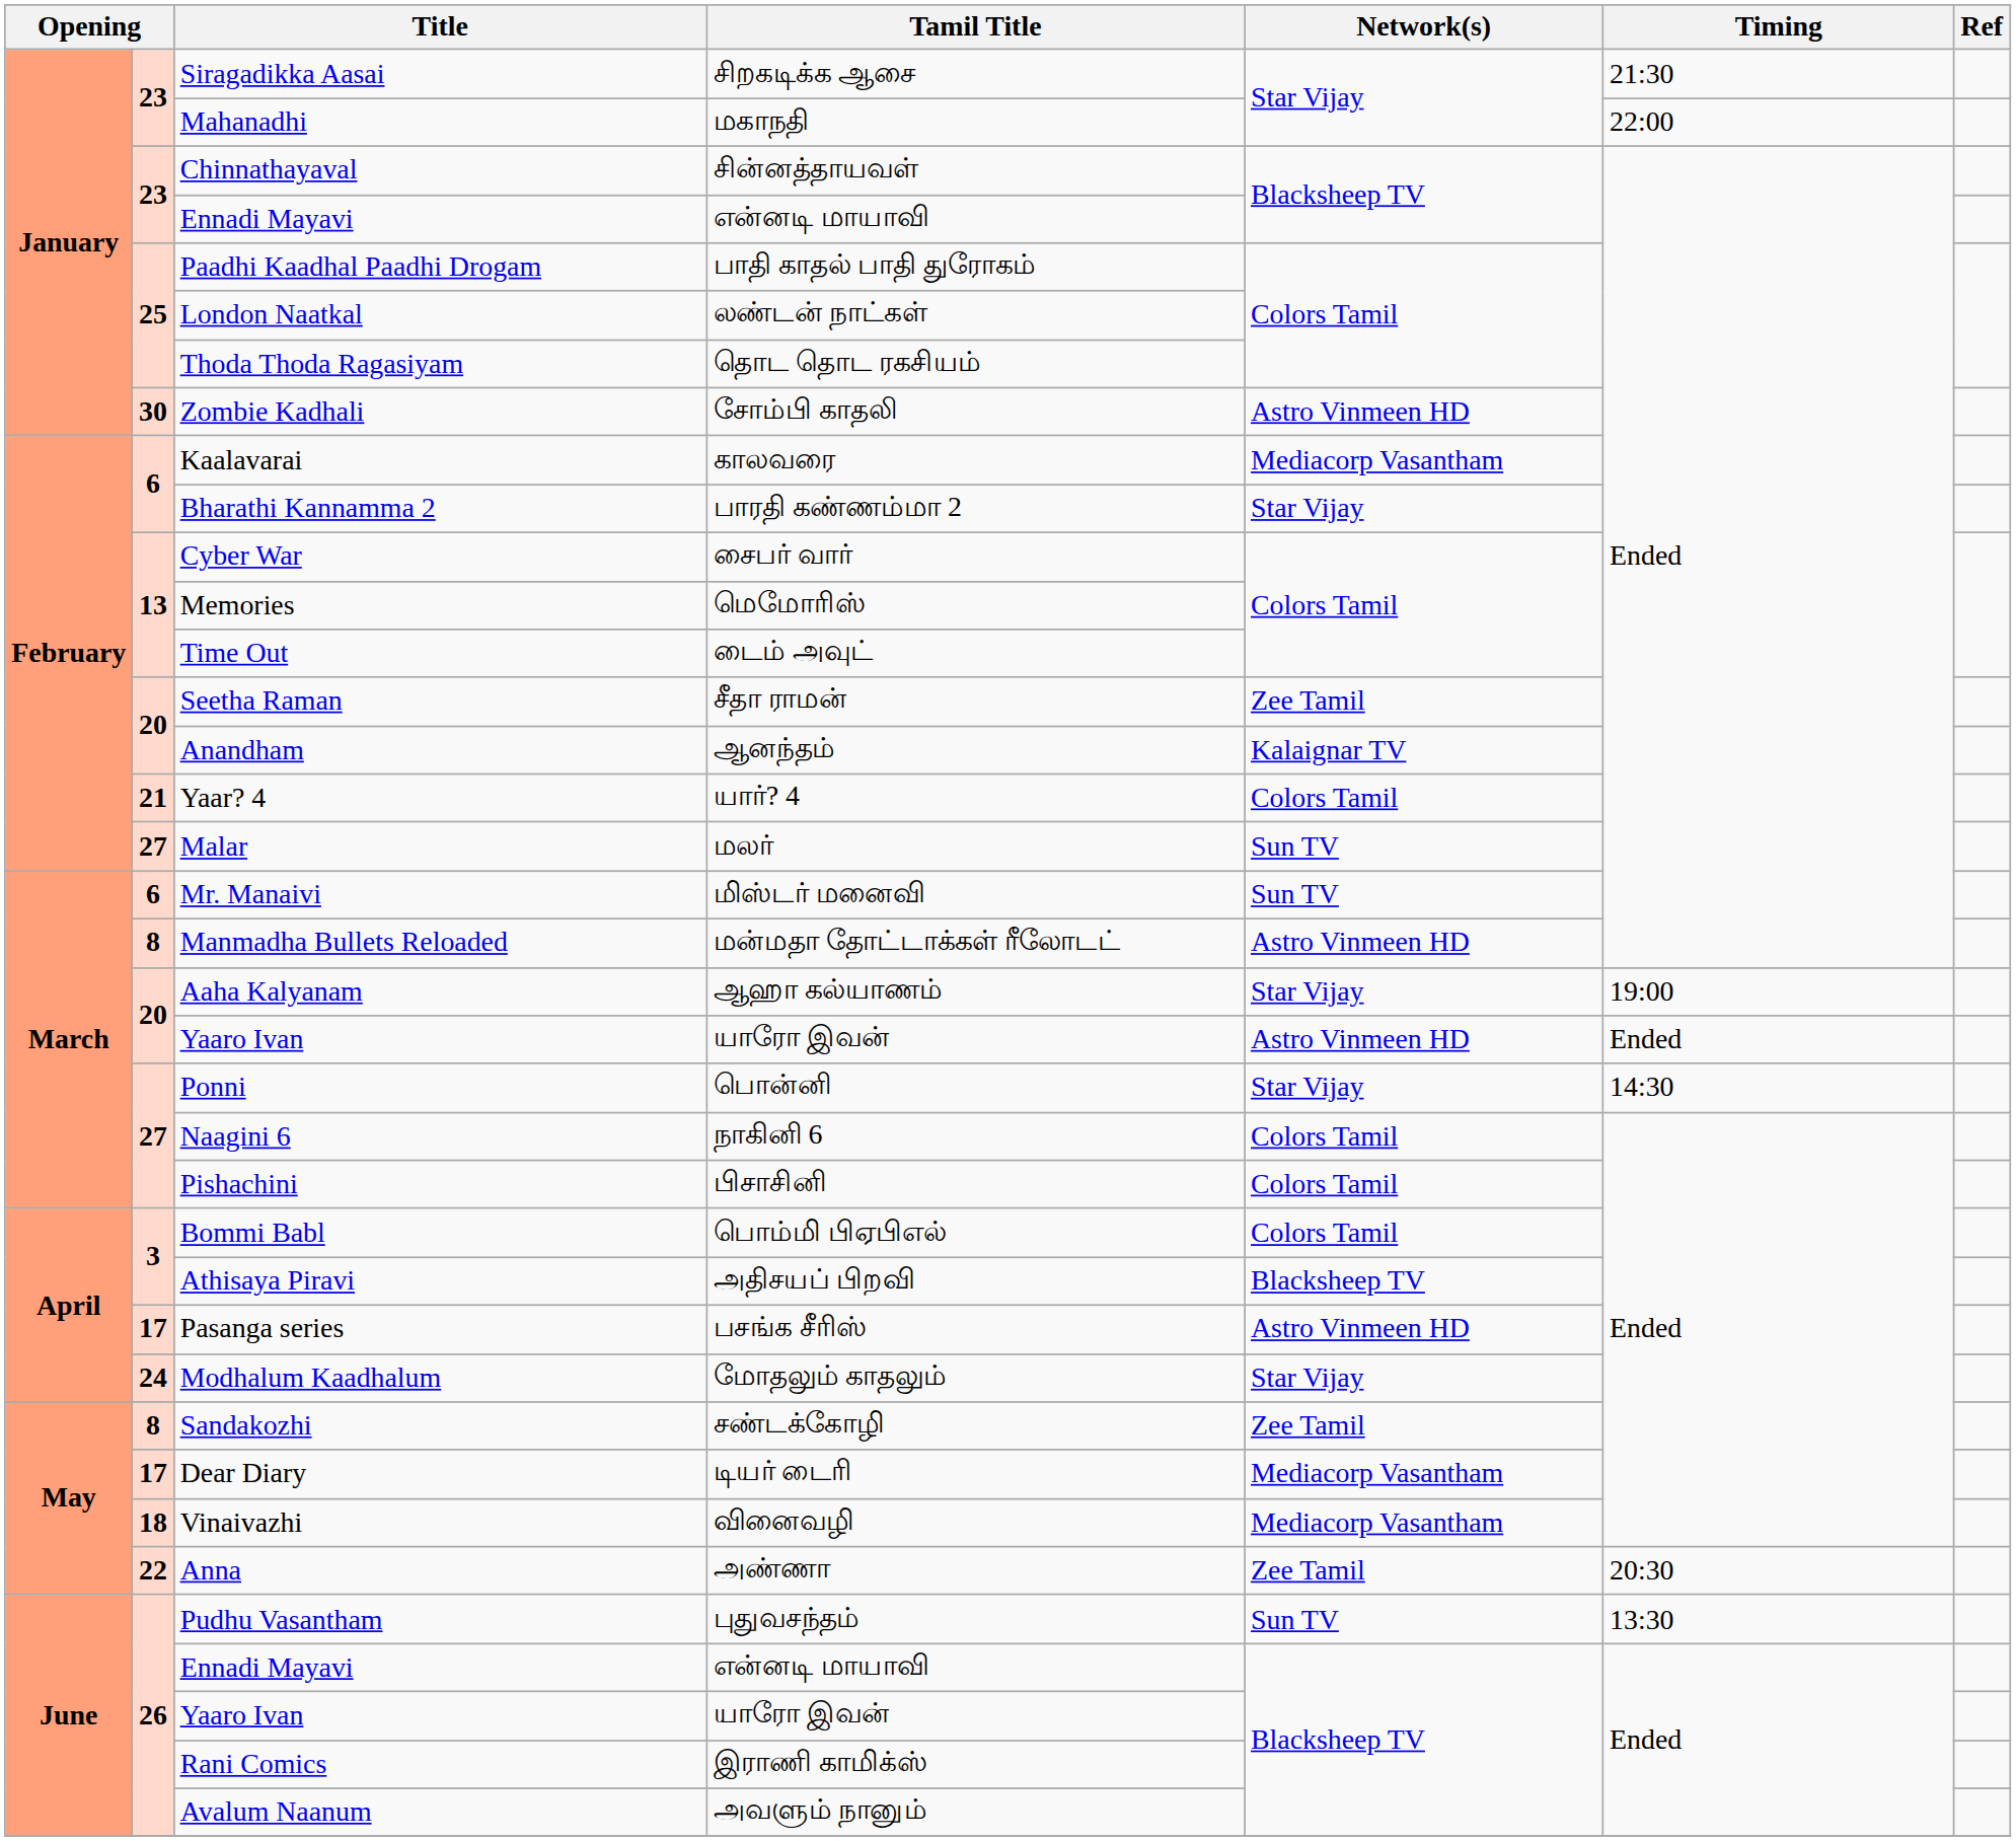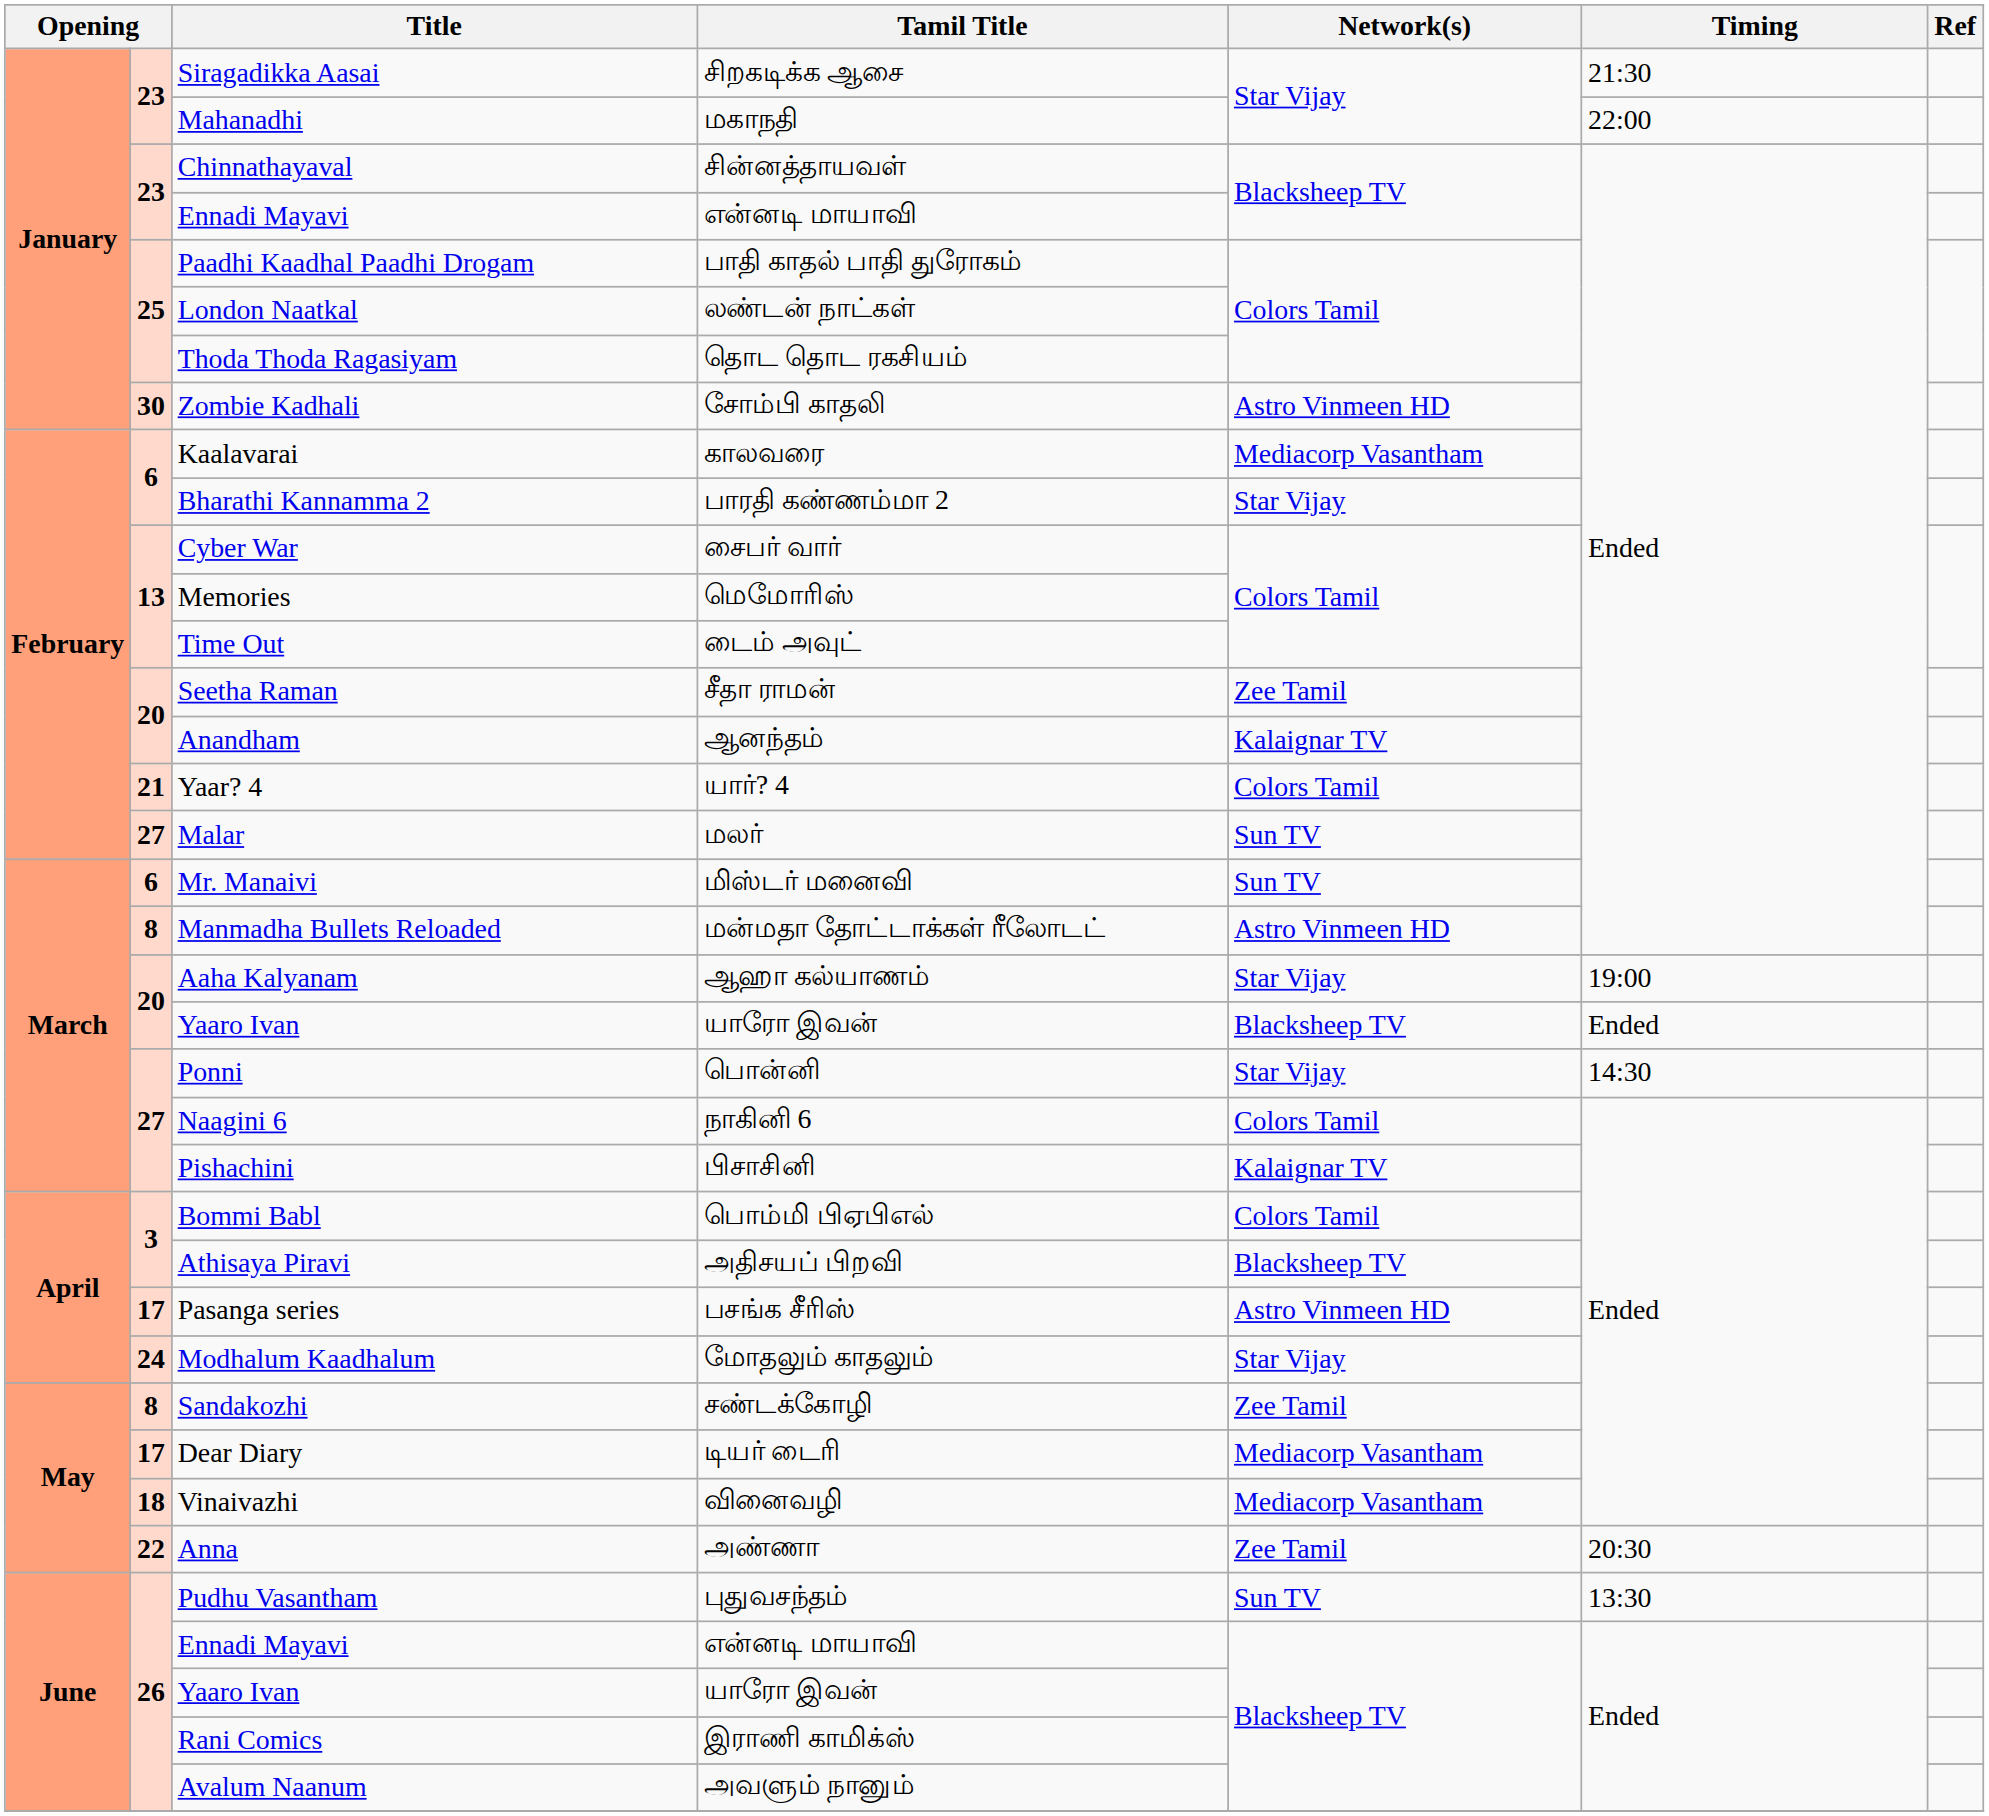 <table class="wikitable" width="90%">
 <tr>
 <th colspan="2">Opening</th>
 <th style="width:30%;">Title</th>
 <th style="width:30%;">Tamil Title</th>
 <th style="width:20%;">Network(s)</th>
 <th style="width:20%;">Timing</th>
 <th style="width:20%;">Ref</th>
 </tr>
 <tr>
 <td rowspan="8" style="text-align:center;background:#ffa07a;textcolor:#000;"><strong>January</strong></td>
 <td rowspan="2" style="text-align:center; background:#ffdacc;"><strong>23</strong></td>
 <td><a href='#'>Siragadikka Aasai</a></td>
 <td>சிறகடிக்க ஆசை</td>
 <td rowspan="2"><a href='#'>Star Vijay</a></td>
 <td>21:30</td>
 <td></td>
 </tr>
 <tr>
 <td><a href='#'>Mahanadhi</a></td>
 <td>மகாநதி</td>
 <td>22:00</td>
 <td></td>
 </tr>
 <tr>
 <td rowspan="2" style="text-align:center; background:#ffdacc;"><strong>23</strong></td>
 <td><a href='#'>Chinnathayaval</a></td>
 <td>சின்னத்தாயவள்</td>
 <td rowspan="2"><a href='#'>Blacksheep TV</a></td>
 <td rowspan="17">Ended</td>
 </tr>
 <tr>
 <td><a href='#'>Ennadi Mayavi</a></td>
 <td>என்னடி மாயாவி</td>
 <td></td>
 </tr>
 <tr>
 <td rowspan="3" style="text-align:center; background:#ffdacc;"><strong>25</strong></td>
 <td><a href='#'>Paadhi Kaadhal Paadhi Drogam</a></td>
 <td>பாதி காதல் பாதி துரோகம்</td>
 <td rowspan="3"><a href='#'>Colors Tamil</a></td>
 <td rowspan="3"></td>
 </tr>
 <tr>
 <td><a href='#'>London Naatkal</a></td>
 <td>லண்டன் நாட்கள்</td>
 </tr>
 <tr>
 <td><a href='#'>Thoda Thoda Ragasiyam</a></td>
 <td>தொட தொட ரகசியம்</td>
 </tr>
 <tr>
 <td style="text-align:center; background:#ffdacc;"><strong>30</strong></td>
 <td><a href='#'>Zombie Kadhali</a></td>
 <td>சோம்பி காதலி</td>
 <td><a href='#'>Astro Vinmeen HD</a></td>
 <td></td>
 </tr>
 <tr>
 <td rowspan="9" style="text-align:center;background:#ffa07a;textcolor:#000;"><strong>February</strong></td>
 <td rowspan="2"  style="text-align:center; background:#ffdacc;"><strong>6</strong></td>
 <td>Kaalavarai</td>
 <td>காலவரை</td>
 <td><a href='#'>Mediacorp Vasantham</a></td>
 <td></td>
 </tr>
 <tr>
 <td><a href='#'>Bharathi Kannamma 2</a></td>
 <td>பாரதி கண்ணம்மா 2</td>
 <td><a href='#'>Star Vijay</a></td>
 <td></td>
 </tr>
 <tr>
 <td rowspan="3"  style="text-align:center; background:#ffdacc;"><strong>13</strong></td>
 <td><a href='#'>Cyber War</a></td>
 <td>சைபர் வார்</td>
 <td rowspan="3"><a href='#'>Colors Tamil</a></td>
 <td rowspan="3"></td>
 </tr>
 <tr>
 <td>Memories</td>
 <td>மெமோரிஸ்</td>
 </tr>
 <tr>
 <td><a href='#'>Time Out</a></td>
 <td>டைம் அவுட்</td>
 </tr>
 <tr>
 <td rowspan="2"  style="text-align:center; background:#ffdacc;"><strong>20</strong></td>
 <td><a href='#'>Seetha Raman</a></td>
 <td>சீதா ராமன்</td>
 <td><a href='#'>Zee Tamil</a></td>
 <td></td>
 </tr>
 <tr>
 <td><a href='#'>Anandham</a></td>
 <td>ஆனந்தம்</td>
 <td><a href='#'>Kalaignar TV</a></td>
 <td></td>
 </tr>
 <tr>
 <td rowspan="1"  style="text-align:center; background:#ffdacc;"><strong>21</strong></td>
 <td>Yaar? 4</td>
 <td>யார்? 4</td>
 <td><a href='#'>Colors Tamil</a></td>
 <td></td>
 </tr>
 <tr>
 <td rowspan="1"  style="text-align:center; background:#ffdacc;"><strong>27</strong></td>
 <td><a href='#'>Malar</a></td>
 <td>மலர்</td>
 <td><a href='#'>Sun TV</a></td>
 <td></td>
 </tr>
 <tr>
 <td rowspan="7" style="text-align:center;background:#ffa07a;textcolor:#000;"><strong>March</strong></td>
 <td rowspan="1"  style="text-align:center; background:#ffdacc;"><strong>6</strong></td>
 <td><a href='#'>Mr. Manaivi</a></td>
 <td>மிஸ்டர் மனைவி</td>
 <td><a href='#'>Sun TV</a></td>
 <td></td>
 </tr>
 <tr>
 <td rowspan="1"  style="text-align:center; background:#ffdacc;"><strong>8</strong></td>
 <td><a href='#'>Manmadha Bullets Reloaded</a></td>
 <td>மன்மதா தோட்டாக்கள் ரீலோடட்</td>
 <td><a href='#'>Astro Vinmeen HD</a></td>
 <td></td>
 </tr>
 <tr>
 <td rowspan="2"  style="text-align:center; background:#ffdacc;"><strong>20</strong></td>
 <td><a href='#'>Aaha Kalyanam</a></td>
 <td>ஆஹா கல்யாணம்</td>
 <td><a href='#'>Star Vijay</a></td>
 <td>19:00</td>
 <td></td>
 </tr>
 <tr>
 <td><a href='#'>Yaaro Ivan</a></td>
 <td>யாரோ இவன்</td>
-<td><a href='#'>Astro Vinmeen HD</a></td>
+<td><a href='#'>Blacksheep TV</a></td>
 <td>Ended</td>
 <td></td>
 </tr>
 <tr>
 <td rowspan="3"  style="text-align:center; background:#ffdacc;"><strong>27</strong></td>
 <td><a href='#'>Ponni</a></td>
 <td>பொன்னி</td>
 <td><a href='#'>Star Vijay</a></td>
 <td>14:30</td>
 <td></td>
 </tr>
 <tr>
 <td><a href='#'>Naagini 6</a></td>
 <td>நாகினி 6</td>
 <td><a href='#'>Colors Tamil</a></td>
 <td rowspan="9">Ended</td>
 <td></td>
 </tr>
 <tr>
 <td><a href='#'>Pishachini</a></td>
 <td>பிசாசினி</td>
-<td><a href='#'>Colors Tamil</a></td>
+<td><a href='#'>Kalaignar TV</a></td>
 <td></td>
 </tr>
 <tr>
 <td rowspan="4" style="text-align:center;background:#ffa07a;textcolor:#000;"><strong>April</strong></td>
 <td rowspan="2"  style="text-align:center; background:#ffdacc;"><strong>3</strong></td>
 <td><a href='#'>Bommi Babl</a></td>
 <td>பொம்மி பிஏபிஎல்</td>
 <td><a href='#'>Colors Tamil</a></td>
 <td></td>
 </tr>
 <tr>
 <td><a href='#'>Athisaya Piravi</a></td>
 <td>அதிசயப் பிறவி</td>
 <td><a href='#'>Blacksheep TV</a></td>
 <td></td>
 </tr>
 <tr>
 <td style="text-align:center; background:#ffdacc;"><strong>17</strong></td>
 <td>Pasanga series</td>
 <td>பசங்க சீரிஸ்</td>
 <td><a href='#'>Astro Vinmeen HD</a></td>
 <td></td>
 </tr>
 <tr>
 <td rowspan="1"  style="text-align:center; background:#ffdacc;"><strong>24</strong></td>
 <td><a href='#'>Modhalum Kaadhalum</a></td>
 <td>மோதலும் காதலும்</td>
 <td><a href='#'>Star Vijay</a></td>
 <td></td>
 </tr>
 <tr>
 <td rowspan="4" style="text-align:center;background:#ffa07a;textcolor:#000;"><strong>May</strong></td>
 <td style="text-align:center; background:#ffdacc;"><strong>8</strong></td>
 <td><a href='#'>Sandakozhi</a></td>
 <td>சண்டக்கோழி</td>
 <td><a href='#'>Zee Tamil</a></td>
 <td></td>
 </tr>
 <tr>
 <td style="text-align:center; background:#ffdacc;"><strong>17</strong></td>
 <td>Dear Diary</td>
 <td>டியர் டைரி</td>
 <td><a href='#'>Mediacorp Vasantham</a></td>
 <td></td>
 </tr>
 <tr>
 <td style="text-align:center; background:#ffdacc;"><strong>18</strong></td>
 <td>Vinaivazhi</td>
 <td>வினைவழி</td>
 <td><a href='#'>Mediacorp Vasantham</a></td>
 <td></td>
 </tr>
 <tr>
 <td style="text-align:center; background:#ffdacc;"><strong>22</strong></td>
 <td><a href='#'>Anna</a></td>
 <td>அண்ணா</td>
 <td><a href='#'>Zee Tamil</a></td>
 <td>20:30</td>
 <td></td>
 </tr>
 <tr>
 <td rowspan="5" style="text-align:center;background:#ffa07a;textcolor:#000;"><strong>June</strong></td>
 <td rowspan="5" style="text-align:center; background:#ffdacc;"><strong>26</strong></td>
 <td><a href='#'>Pudhu Vasantham</a></td>
 <td>புதுவசந்தம்</td>
 <td><a href='#'>Sun TV</a></td>
 <td>13:30</td>
 <td></td>
 </tr>
 <tr>
 <td><a href='#'>Ennadi Mayavi</a></td>
 <td>என்னடி மாயாவி</td>
 <td rowspan="4"><a href='#'>Blacksheep TV</a></td>
 <td rowspan="4">Ended</td>
 <td></td>
 </tr>
 <tr>
 <td><a href='#'>Yaaro Ivan</a></td>
 <td>யாரோ இவன்</td>
 </tr>
 <tr>
 <td><a href='#'>Rani Comics</a></td>
 <td>இராணி காமிக்ஸ்</td>
 <td></td>
 </tr>
 <tr>
 <td><a href='#'>Avalum Naanum</a></td>
 <td>அவளும் நானும்</td>
 <td></td>
 </tr>
 <tr>
 </tr>
 </table>
